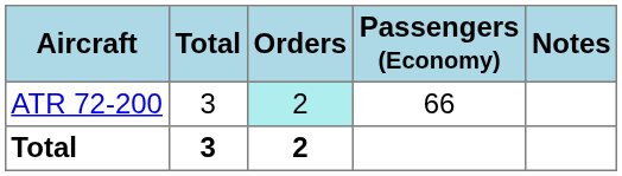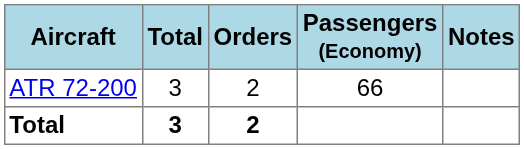 <table class="toccolours" border="1" cellpadding="3" style="margin: 1em auto; border-collapse:collapse;">
 <tr bgcolor=lightblue>
 <th>Aircraft</th>
 <th>Total</th>
 <th>Orders</th>
 <th>Passengers<br><small>(Economy)</small></th>
 <th>Notes</th>
 </tr>
 <tr>
 <td><a href='#'>ATR 72-200</a></td>
 <td style="text-align: center;">3</td>
-<td style="background: paleturquoise; text-align: center;">2</td>
+<td style="text-align: center;">2</td>
 <td style="text-align: center;">66</td>
 <td></td>
 </tr>
 <tr>
 <td><strong>Total</strong></td>
 <th>3</th>
 <th>2</th>
 <th></th>
 </tr>
 </table>
